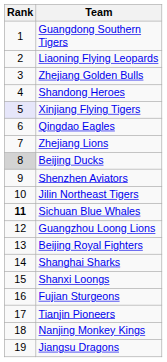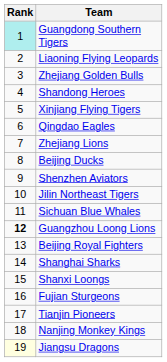 <table class="wikitable" style="text-align: center;">
 <tr>
 <th width=40>Rank</th>
 <th width=180>Team</th>
 </tr>
 <tr>
-<td>1</td>
+<td style="background: paleturquoise;">1</td>
 <td align=left><a href='#'>Guangdong Southern Tigers</a></td>
 </tr>
 <tr>
 <td>2</td>
 <td align=left><a href='#'>Liaoning Flying Leopards</a></td>
 </tr>
 <tr>
 <td>3</td>
 <td align=left><a href='#'>Zhejiang Golden Bulls</a></td>
 </tr>
 <tr>
 <td>4</td>
 <td align=left><a href='#'>Shandong Heroes</a></td>
 </tr>
 <tr>
-<td style="background: lavender;">5</td>
+<td>5</td>
 <td align=left><a href='#'>Xinjiang Flying Tigers</a></td>
 </tr>
 <tr>
 <td>6</td>
 <td align=left><a href='#'>Qingdao Eagles</a></td>
 </tr>
 <tr>
 <td>7</td>
 <td align=left><a href='#'>Zhejiang Lions</a></td>
 </tr>
 <tr>
-<td style="background: lightgrey;">8</td>
+<td>8</td>
 <td align=left><a href='#'>Beijing Ducks</a></td>
 </tr>
 <tr>
 <td>9</td>
 <td align=left><a href='#'>Shenzhen Aviators</a></td>
 </tr>
 <tr>
 <td>10</td>
 <td align=left><a href='#'>Jilin Northeast Tigers</a></td>
 </tr>
 <tr>
-<td><strong>11</strong></td>
+<td>11</td>
 <td align=left><a href='#'>Sichuan Blue Whales</a></td>
 </tr>
 <tr>
-<td>12</td>
+<td><strong>12</strong></td>
 <td align=left><a href='#'>Guangzhou Loong Lions</a></td>
 </tr>
 <tr>
 <td>13</td>
 <td align=left><a href='#'>Beijing Royal Fighters</a></td>
 </tr>
 <tr>
 <td>14</td>
 <td align=left><a href='#'>Shanghai Sharks</a></td>
 </tr>
 <tr>
 <td>15</td>
 <td align=left><a href='#'>Shanxi Loongs</a></td>
 </tr>
 <tr>
 <td>16</td>
 <td align=left><a href='#'>Fujian Sturgeons</a></td>
 </tr>
 <tr>
 <td>17</td>
 <td align=left><a href='#'>Tianjin Pioneers</a></td>
 </tr>
 <tr>
 <td>18</td>
 <td align=left><a href='#'>Nanjing Monkey Kings</a></td>
 </tr>
 <tr>
-<td>19</td>
+<td style="background: lightyellow;">19</td>
 <td align=left><a href='#'>Jiangsu Dragons</a></td>
 </tr>
 </table>
